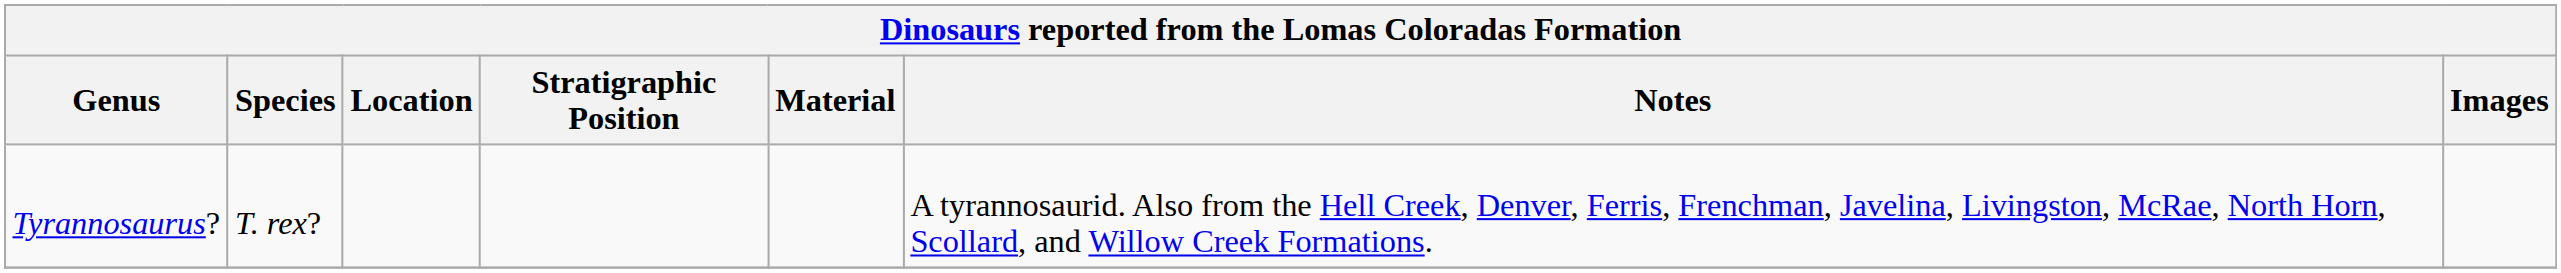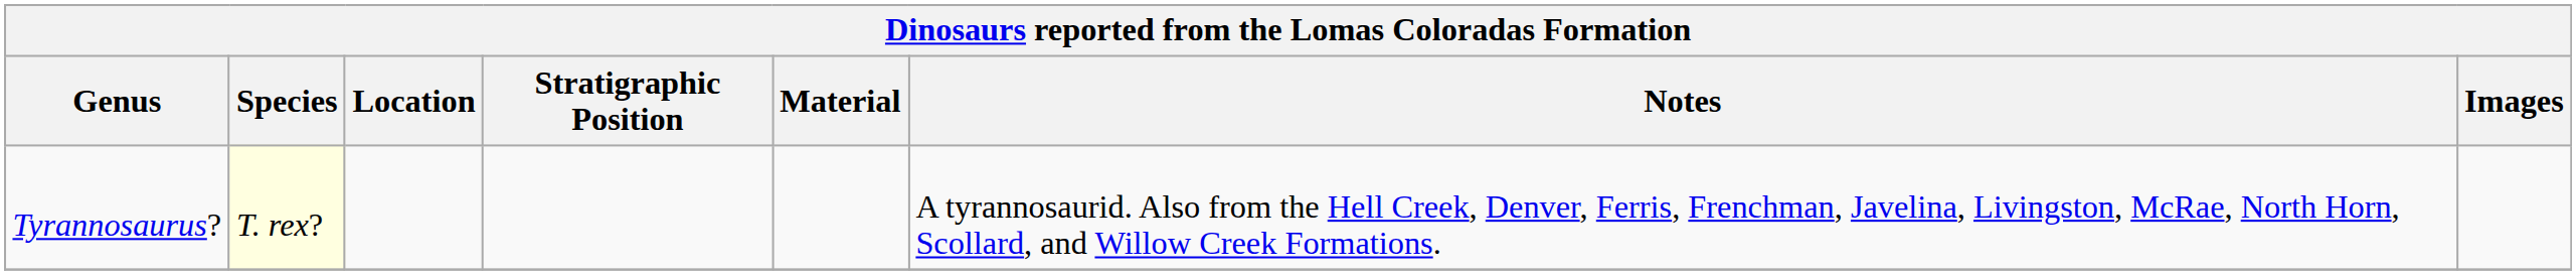 <table class="wikitable" align="center" width="100%">
 <tr>
 <th colspan="7" align="center"><strong><a href='#'>Dinosaurs</a> reported from the Lomas Coloradas Formation</strong></th>
 </tr>
 <tr>
 <th>Genus</th>
 <th>Species</th>
 <th>Location</th>
 <th>Stratigraphic Position</th>
 <th>Material</th>
 <th>Notes</th>
 <th>Images</th>
 </tr>
 <tr>
 <td><br><em><a href='#'>Tyrannosaurus</a></em>?</td>
-<td><br><em>T. rex</em>?</td>
+<td style="background: lightyellow;"><br><em>T. rex</em>?</td>
 <td></td>
 <td></td>
 <td></td>
 <td><br>A tyrannosaurid. Also from the <a href='#'>Hell Creek</a>, <a href='#'>Denver</a>, <a href='#'>Ferris</a>, <a href='#'>Frenchman</a>, <a href='#'>Javelina</a>, <a href='#'>Livingston</a>, <a href='#'>McRae</a>, <a href='#'>North Horn</a>, <a href='#'>Scollard</a>, and <a href='#'>Willow Creek Formations</a>.</td>
 <td><br></td>
 </tr>
 <tr>
 </tr>
 </table>
